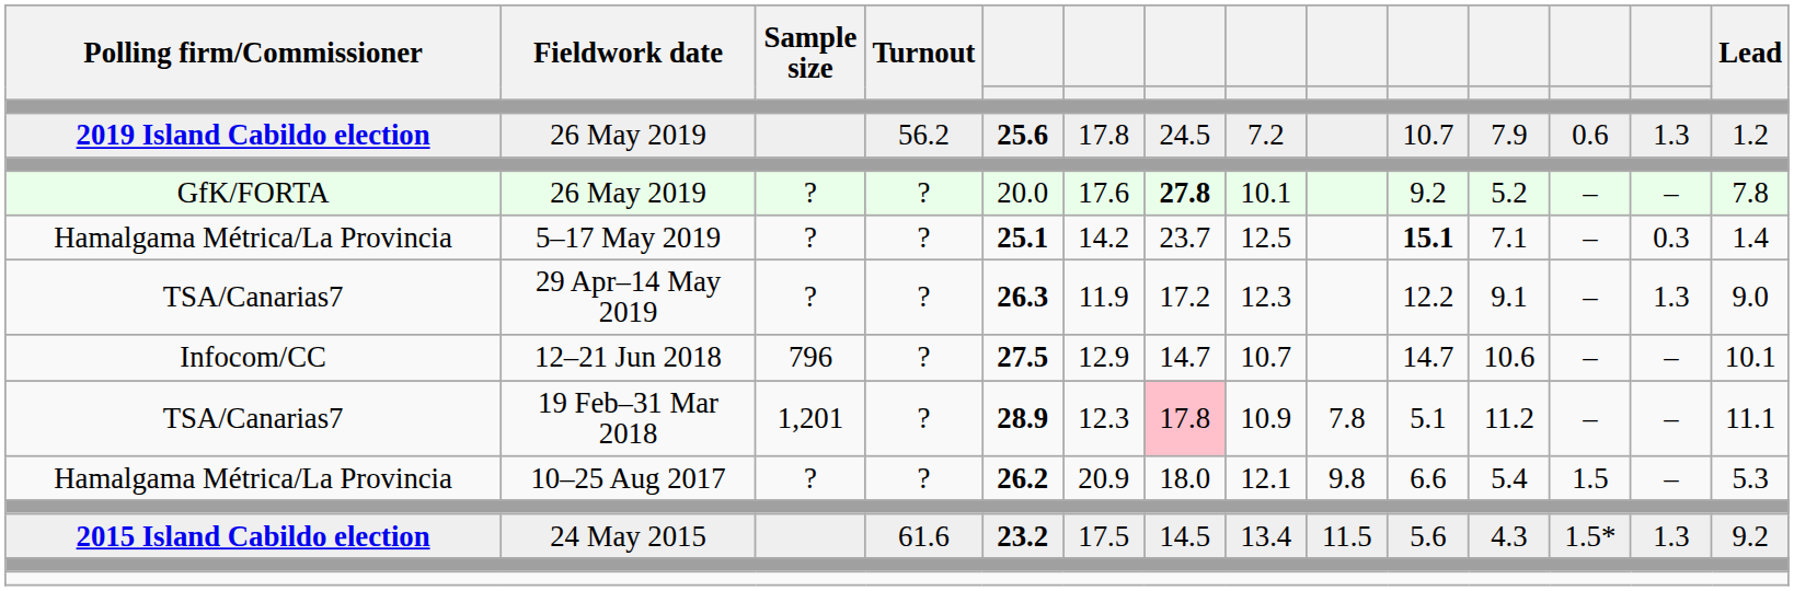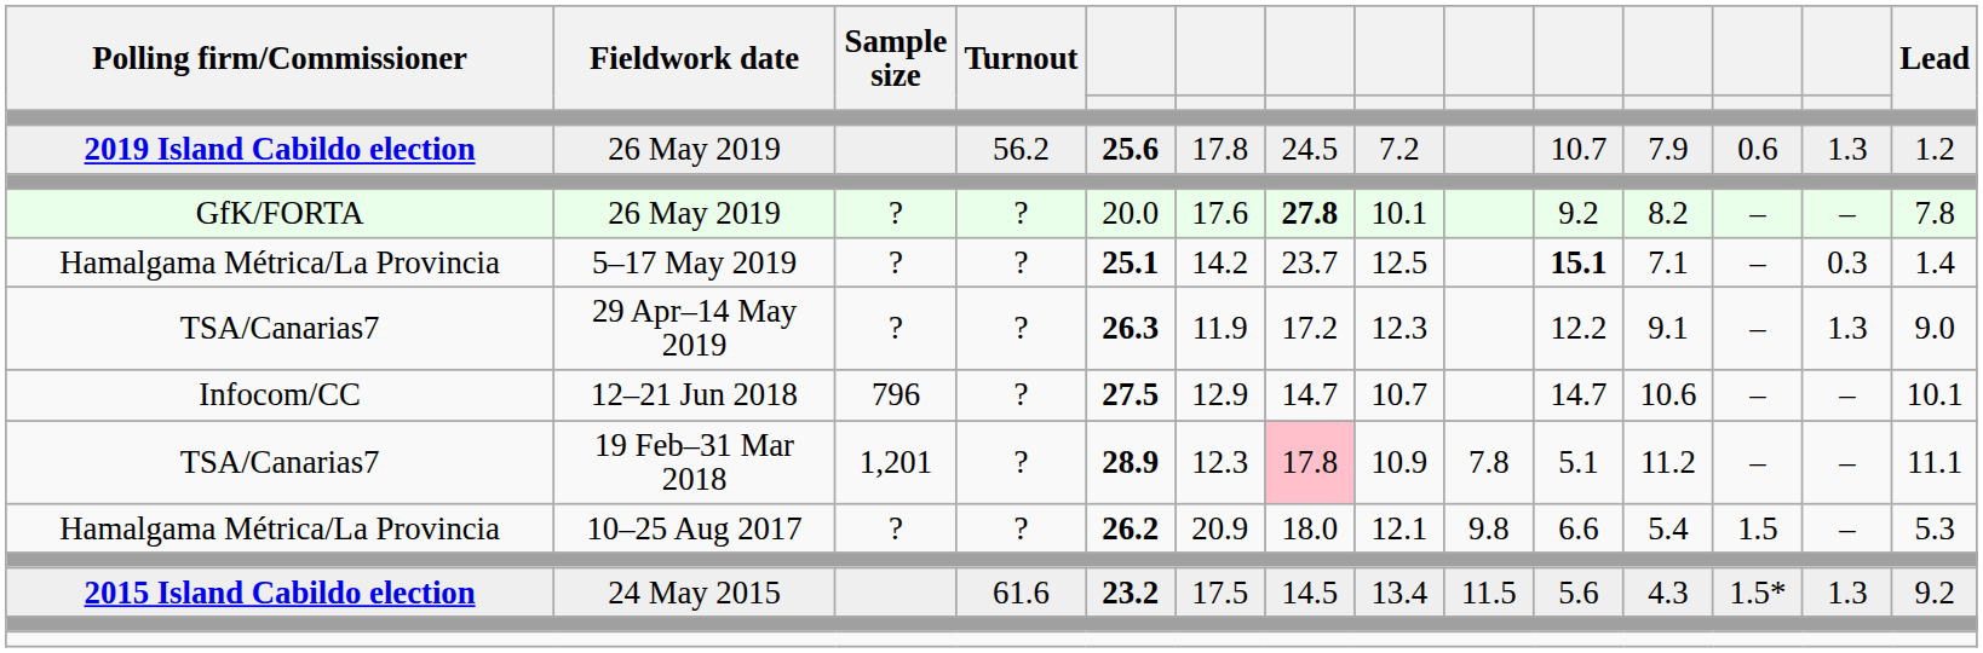 <table class="wikitable collapsible collapsed" style="text-align:center; font-size:95%; line-height:16px;">
 <tr style="height:42px;">
 <th style="width:250px;" rowspan="2">Polling firm/Commissioner</th>
 <th style="width:125px;" rowspan="2">Fieldwork date</th>
 <th style="width:50px;" rowspan="2">Sample size</th>
 <th style="width:45px;" rowspan="2">Turnout</th>
 <th style="width:35px;"></th>
 <th style="width:35px;"></th>
 <th style="width:35px;"></th>
 <th style="width:35px;"></th>
 <th style="width:35px;"></th>
 <th style="width:35px;"></th>
 <th style="width:35px;"></th>
 <th style="width:35px;"></th>
 <th style="width:35px;"></th>
 <th style="width:30px;" rowspan="2">Lead</th>
 </tr>
 <tr>
 <th style="color:inherit;background:"></th>
 <th style="color:inherit;background:"></th>
 <th style="color:inherit;background:"></th>
 <th style="color:inherit;background:"></th>
 <th style="color:inherit;background:"></th>
 <th style="color:inherit;background:"></th>
 <th style="color:inherit;background:"></th>
 <th style="color:inherit;background:"></th>
 <th style="color:inherit;background:"></th>
 </tr>
 <tr>
 <td colspan="14" style="background:#A0A0A0"></td>
 </tr>
 <tr style="background:#EFEFEF;">
 <td><strong><a href='#'>2019 Island Cabildo election</a></strong></td>
 <td>26 May 2019</td>
 <td></td>
 <td>56.2</td>
 <td><strong>25.6</strong><br></td>
 <td>17.8<br></td>
 <td>24.5<br></td>
 <td>7.2<br></td>
 <td></td>
 <td>10.7<br></td>
 <td>7.9<br></td>
 <td>0.6<br></td>
 <td>1.3<br></td>
 <td style="background:">1.2</td>
 </tr>
 <tr>
 <td colspan="14" style="background:#A0A0A0"></td>
 </tr>
 <tr style="background:#EAFFEA;">
 <td>GfK/FORTA</td>
 <td>26 May 2019</td>
 <td>?</td>
 <td>?</td>
 <td>20.0<br></td>
 <td>17.6<br></td>
 <td><strong>27.8</strong><br></td>
 <td>10.1<br></td>
 <td></td>
 <td>9.2<br></td>
-<td>5.2<br></td>
+<td>8.2<br></td>
 <td>–</td>
 <td>–</td>
 <td style="background:">7.8</td>
 </tr>
 <tr>
 <td>Hamalgama Métrica/La Provincia</td>
 <td>5–17 May 2019</td>
 <td>?</td>
 <td>?</td>
 <td><strong>25.1</strong><br></td>
 <td>14.2<br></td>
 <td>23.7<br></td>
 <td>12.5<br></td>
 <td></td>
 <td><strong>15.1<br></strong></td>
 <td>7.1<br></td>
 <td>–</td>
 <td>0.3<br></td>
 <td style="background:">1.4</td>
 </tr>
 <tr>
 <td>TSA/Canarias7</td>
 <td>29 Apr–14 May 2019</td>
 <td>?</td>
 <td>?</td>
 <td><strong>26.3</strong><br></td>
 <td>11.9<br></td>
 <td>17.2<br></td>
 <td>12.3<br></td>
 <td></td>
 <td>12.2<br></td>
 <td>9.1<br></td>
 <td>–</td>
 <td>1.3<br></td>
 <td style="background:">9.0</td>
 </tr>
 <tr>
 <td>Infocom/CC</td>
 <td>12–21 Jun 2018</td>
 <td>796</td>
 <td>?</td>
 <td><strong>27.5</strong><br></td>
 <td>12.9<br></td>
 <td>14.7<br></td>
 <td>10.7<br></td>
 <td></td>
 <td>14.7<br></td>
 <td>10.6<br></td>
 <td>–</td>
 <td>–</td>
 <td style="background:">10.1</td>
 </tr>
 <tr>
 <td>TSA/Canarias7</td>
 <td>19 Feb–31 Mar 2018</td>
 <td>1,201</td>
 <td>?</td>
 <td><strong>28.9</strong><br></td>
 <td>12.3<br></td>
 <td style="background: pink;">17.8<br></td>
 <td>10.9<br></td>
 <td>7.8<br></td>
 <td>5.1<br></td>
 <td>11.2<br></td>
 <td>–</td>
 <td>–</td>
 <td style="background:">11.1</td>
 </tr>
 <tr>
 <td>Hamalgama Métrica/La Provincia</td>
 <td>10–25 Aug 2017</td>
 <td>?</td>
 <td>?</td>
 <td><strong>26.2</strong><br></td>
 <td>20.9<br></td>
 <td>18.0<br></td>
 <td>12.1<br></td>
 <td>9.8<br></td>
 <td>6.6<br></td>
 <td>5.4<br></td>
 <td>1.5<br></td>
 <td>–</td>
 <td style="background:">5.3</td>
 </tr>
 <tr>
 <td colspan="14" style="background:#A0A0A0"></td>
 </tr>
 <tr style="background:#EFEFEF;">
 <td><strong><a href='#'>2015 Island Cabildo election</a></strong></td>
 <td>24 May 2015</td>
 <td></td>
 <td>61.6</td>
 <td><strong>23.2</strong><br></td>
 <td>17.5<br></td>
 <td>14.5<br></td>
 <td>13.4<br></td>
 <td>11.5<br></td>
 <td>5.6<br></td>
 <td>4.3<br></td>
 <td>1.5*<br></td>
 <td>1.3<br></td>
 <td style="background:">9.2</td>
 </tr>
 <tr>
 <td colspan="14" style="background:#A0A0A0"></td>
 </tr>
 <tr>
 <td align="left" colspan="14"></td>
 </tr>
 </table>
